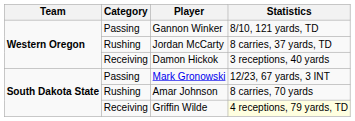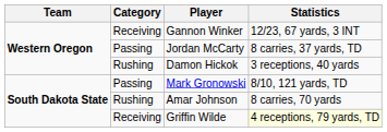 <table class="wikitable" style="float: left;">
 <tr>
 <th>Team</th>
 <th>Category</th>
 <th>Player</th>
 <th>Statistics</th>
 </tr>
 <tr>
 <td rowspan=3><strong>Western Oregon</strong></td>
-<td>Passing</td>
+<td>Receiving</td>
 <td>Gannon Winker</td>
-<td>8/10, 121 yards, TD</td>
+<td>12/23, 67 yards, 3 INT</td>
 </tr>
 <tr>
-<td>Rushing</td>
+<td>Passing</td>
 <td>Jordan McCarty</td>
 <td>8 carries, 37 yards, TD</td>
 </tr>
 <tr>
-<td>Receiving</td>
+<td>Rushing</td>
 <td>Damon Hickok</td>
 <td>3 receptions, 40 yards</td>
 </tr>
 <tr>
 <td rowspan=3><strong>South Dakota State</strong></td>
 <td>Passing</td>
 <td><a href='#'>Mark Gronowski</a></td>
-<td>12/23, 67 yards, 3 INT</td>
+<td>8/10, 121 yards, TD</td>
 </tr>
 <tr>
 <td>Rushing</td>
 <td>Amar Johnson</td>
 <td>8 carries, 70 yards</td>
 </tr>
 <tr>
 <td>Receiving</td>
 <td>Griffin Wilde</td>
 <td style="background: lightyellow;">4 receptions, 79 yards, TD</td>
 </tr>
 </table>
